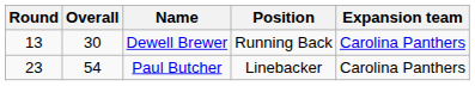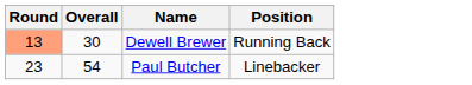 <table class="wikitable" style="text-align:center">
 <tr>
 <th>Round</th>
 <th>Overall</th>
 <th>Name</th>
 <th>Position</th>
-<th>Expansion team</th>
 </tr>
 <tr>
-<td>13</td>
+<td style="background: lightsalmon;">13</td>
 <td>30</td>
 <td><a href='#'>Dewell Brewer</a></td>
 <td>Running Back</td>
-<td><a href='#'>Carolina Panthers</a></td>
 </tr>
 <tr>
 <td>23</td>
 <td>54</td>
 <td><a href='#'>Paul Butcher</a></td>
 <td>Linebacker</td>
-<td>Carolina Panthers</td>
 </tr>
 </table>
